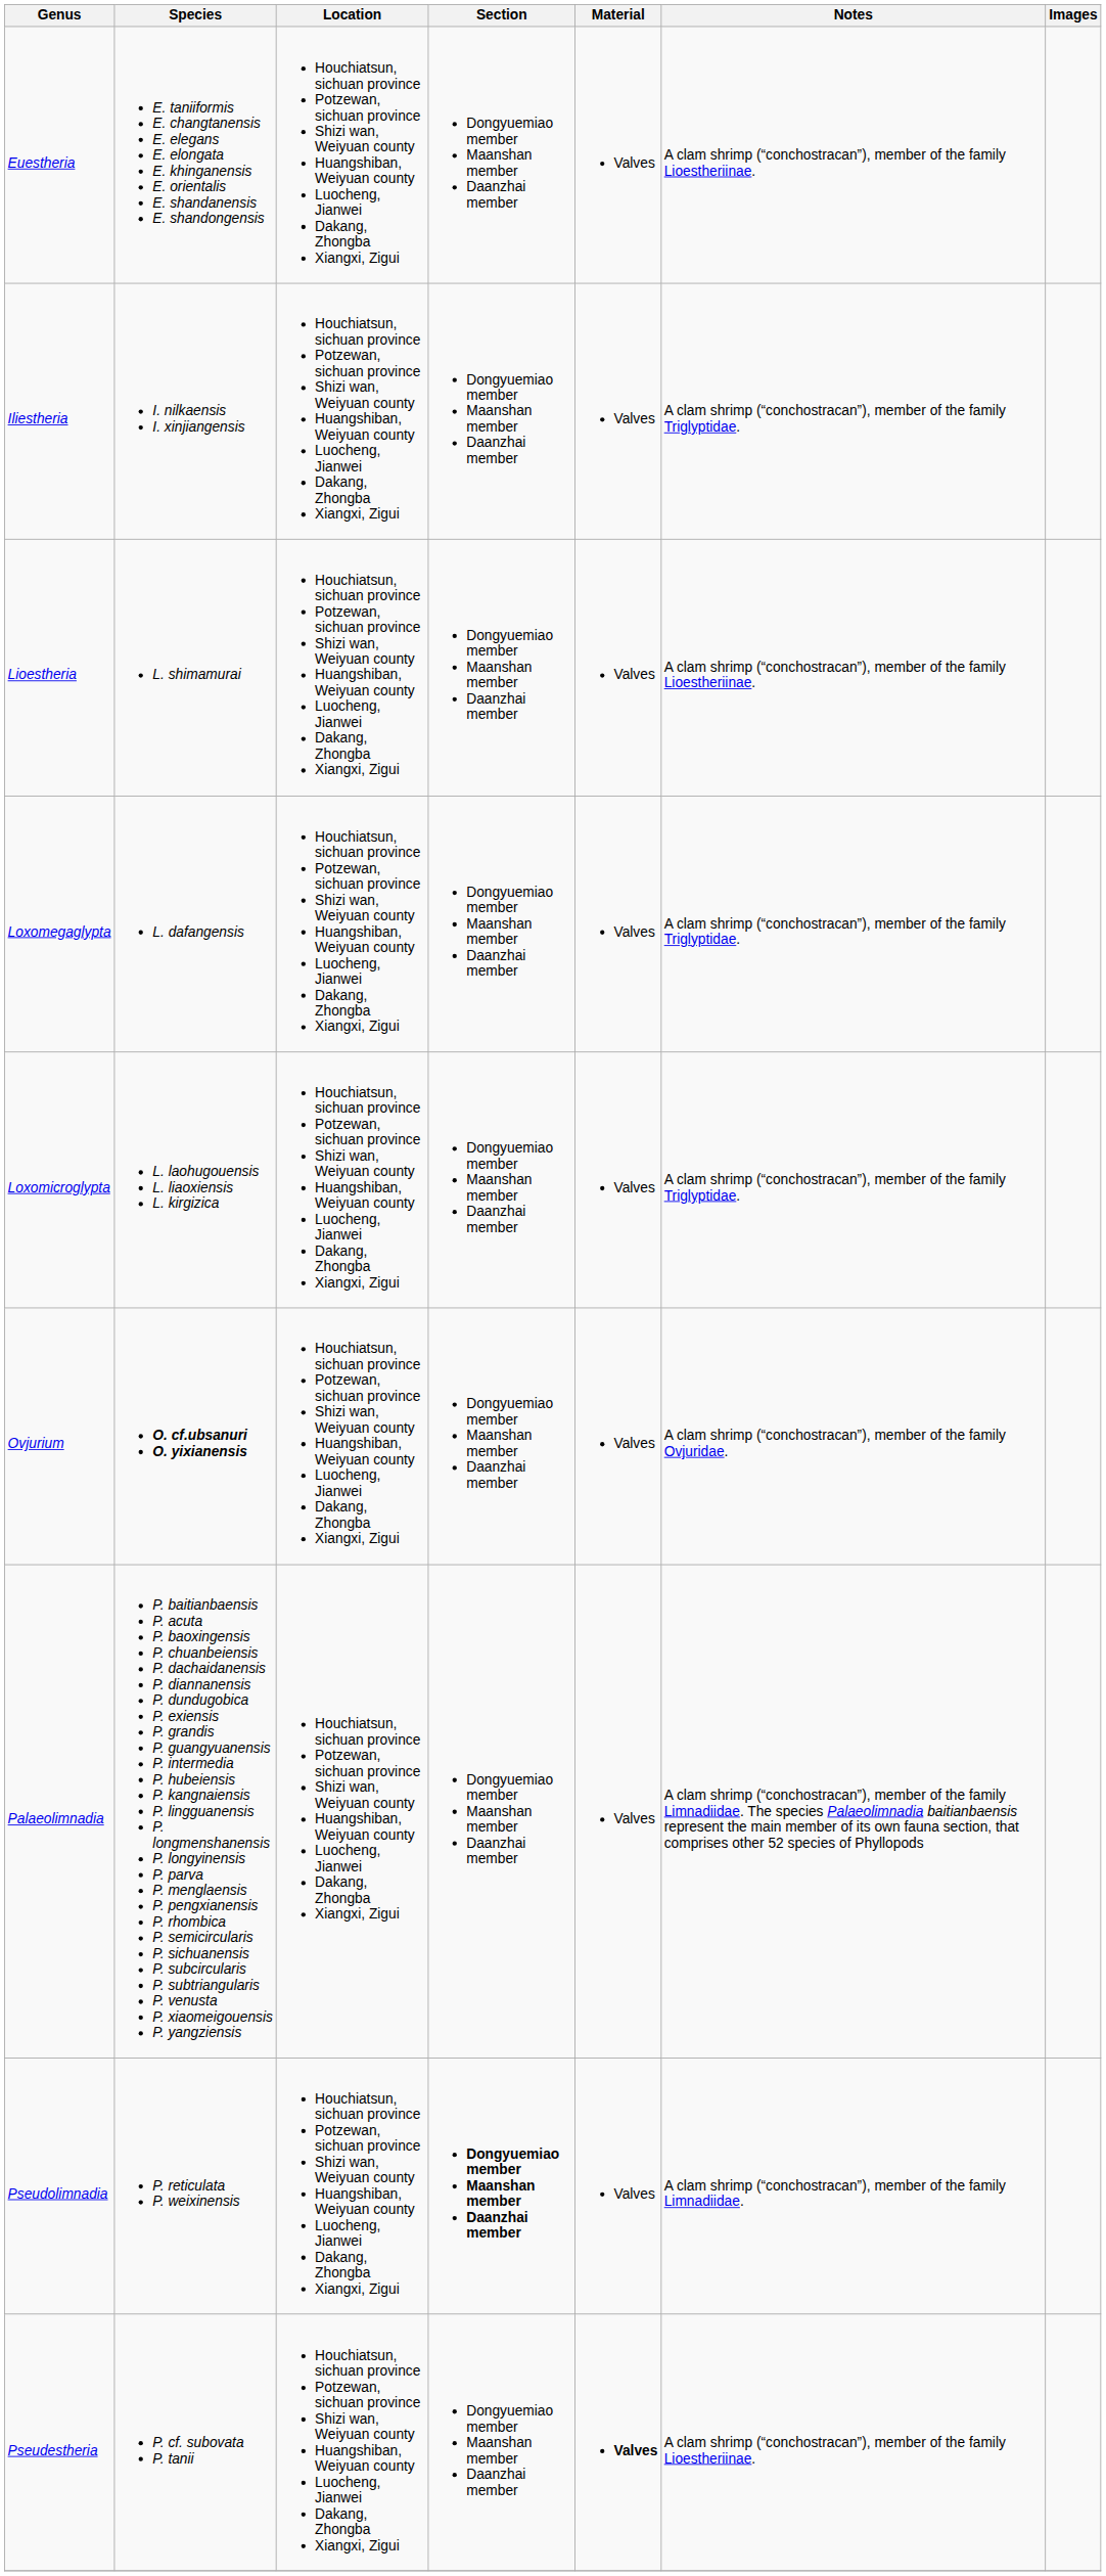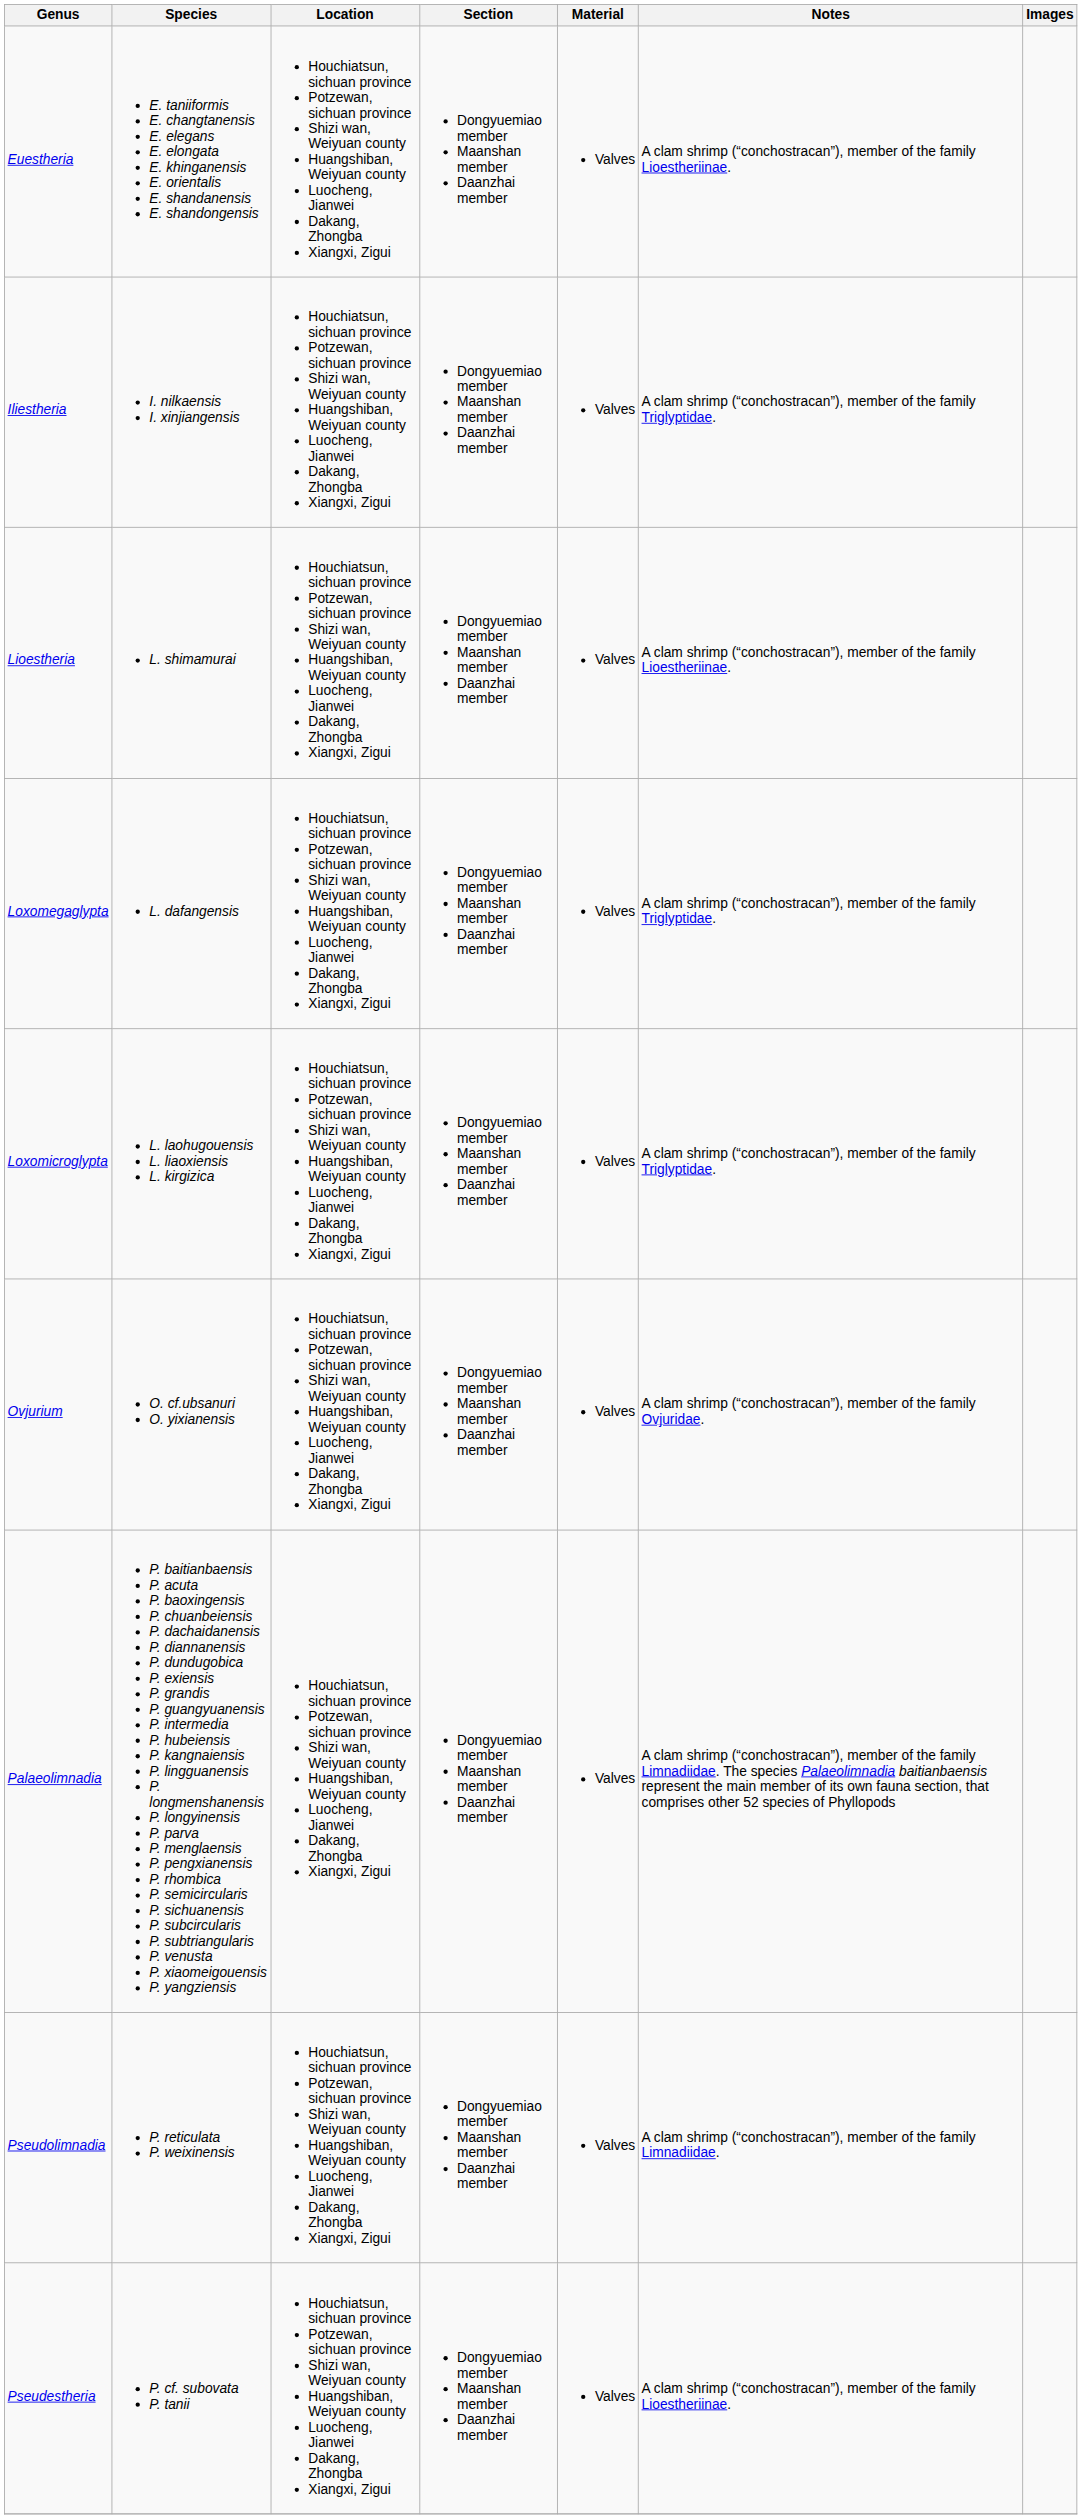 <table class="wikitable" align="center">
 <tr>
 <th>Genus</th>
 <th>Species</th>
 <th>Location</th>
 <th>Section</th>
 <th>Material</th>
 <th>Notes</th>
 <th>Images</th>
 </tr>
 <tr>
 <td><br><em><a href='#'>Euestheria</a></em></td>
 <td><br><ul><li><em>E. taniiformis</em></li><li><em>E. changtanensis</em></li><li><em>E. elegans</em></li><li><em>E. elongata</em></li><li><em>E. khinganensis</em></li><li><em>E. orientalis</em></li><li><em>E. shandanensis</em></li><li><em>E. shandongensis</em></li></ul></td>
 <td><br><ul><li>Houchiatsun, sichuan province</li><li>Potzewan, sichuan province</li><li>Shizi wan, Weiyuan county</li><li>Huangshiban, Weiyuan county</li><li>Luocheng, Jianwei</li><li>Dakang, Zhongba</li><li>Xiangxi, Zigui</li></ul></td>
 <td><br><ul><li>Dongyuemiao member</li><li>Maanshan member</li><li>Daanzhai member</li></ul></td>
 <td><br><ul><li>Valves</li></ul></td>
 <td><br>A clam shrimp (“conchostracan”), member of the family <a href='#'>Lioestheriinae</a>.</td>
 <td></td>
 </tr>
 <tr>
 <td><br><em><a href='#'>Iliestheria</a></em></td>
 <td><br><ul><li><em>I. nilkaensis</em></li><li><em>I. xinjiangensis</em></li></ul></td>
 <td><br><ul><li>Houchiatsun, sichuan province</li><li>Potzewan, sichuan province</li><li>Shizi wan, Weiyuan county</li><li>Huangshiban, Weiyuan county</li><li>Luocheng, Jianwei</li><li>Dakang, Zhongba</li><li>Xiangxi, Zigui</li></ul></td>
 <td><br><ul><li>Dongyuemiao member</li><li>Maanshan member</li><li>Daanzhai member</li></ul></td>
 <td><br><ul><li>Valves</li></ul></td>
 <td><br>A clam shrimp (“conchostracan”), member of the family <a href='#'>Triglyptidae</a>.</td>
 <td></td>
 </tr>
 <tr>
 <td><br><em><a href='#'>Lioestheria</a></em></td>
 <td><br><ul><li><em>L. shimamurai</em></li></ul></td>
 <td><br><ul><li>Houchiatsun, sichuan province</li><li>Potzewan, sichuan province</li><li>Shizi wan, Weiyuan county</li><li>Huangshiban, Weiyuan county</li><li>Luocheng, Jianwei</li><li>Dakang, Zhongba</li><li>Xiangxi, Zigui</li></ul></td>
 <td><br><ul><li>Dongyuemiao member</li><li>Maanshan member</li><li>Daanzhai member</li></ul></td>
 <td><br><ul><li>Valves</li></ul></td>
 <td><br>A clam shrimp (“conchostracan”), member of the family <a href='#'>Lioestheriinae</a>.</td>
 <td></td>
 </tr>
 <tr>
 <td><br><em><a href='#'>Loxomegaglypta</a></em></td>
 <td><br><ul><li><em>L. dafangensis</em></li></ul></td>
 <td><br><ul><li>Houchiatsun, sichuan province</li><li>Potzewan, sichuan province</li><li>Shizi wan, Weiyuan county</li><li>Huangshiban, Weiyuan county</li><li>Luocheng, Jianwei</li><li>Dakang, Zhongba</li><li>Xiangxi, Zigui</li></ul></td>
 <td><br><ul><li>Dongyuemiao member</li><li>Maanshan member</li><li>Daanzhai member</li></ul></td>
 <td><br><ul><li>Valves</li></ul></td>
 <td><br>A clam shrimp (“conchostracan”), member of the family <a href='#'>Triglyptidae</a>.</td>
 <td></td>
 </tr>
 <tr>
 <td><br><em><a href='#'>Loxomicroglypta</a></em></td>
 <td><br><ul><li><em>L. laohugouensis</em></li><li><em>L. liaoxiensis</em></li><li><em>L. kirgizica</em></li></ul></td>
 <td><br><ul><li>Houchiatsun, sichuan province</li><li>Potzewan, sichuan province</li><li>Shizi wan, Weiyuan county</li><li>Huangshiban, Weiyuan county</li><li>Luocheng, Jianwei</li><li>Dakang, Zhongba</li><li>Xiangxi, Zigui</li></ul></td>
 <td><br><ul><li>Dongyuemiao member</li><li>Maanshan member</li><li>Daanzhai member</li></ul></td>
 <td><br><ul><li>Valves</li></ul></td>
 <td><br>A clam shrimp (“conchostracan”), member of the family <a href='#'>Triglyptidae</a>.</td>
 <td></td>
 </tr>
 <tr>
 <td><br><em><a href='#'>Ovjurium</a></em></td>
-<td><strong><br><ul><li><em>O. cf.ubsanuri</em></li><li><em>O. yixianensis</em></li></ul></strong></td>
+<td><br><ul><li><em>O. cf.ubsanuri</em></li><li><em>O. yixianensis</em></li></ul></td>
 <td><br><ul><li>Houchiatsun, sichuan province</li><li>Potzewan, sichuan province</li><li>Shizi wan, Weiyuan county</li><li>Huangshiban, Weiyuan county</li><li>Luocheng, Jianwei</li><li>Dakang, Zhongba</li><li>Xiangxi, Zigui</li></ul></td>
 <td><br><ul><li>Dongyuemiao member</li><li>Maanshan member</li><li>Daanzhai member</li></ul></td>
 <td><br><ul><li>Valves</li></ul></td>
 <td><br>A clam shrimp (“conchostracan”), member of the family <a href='#'>Ovjuridae</a>.</td>
 <td></td>
 </tr>
 <tr>
 <td><br><em><a href='#'>Palaeolimnadia</a></em></td>
 <td><br><ul><li><em>P. baitianbaensis</em></li><li><em>P. acuta</em></li><li><em>P. baoxingensis</em></li><li><em>P. chuanbeiensis</em></li><li><em>P. dachaidanensis</em></li><li><em>P. diannanensis</em></li><li><em>P. dundugobica</em></li><li><em>P. exiensis</em></li><li><em>P. grandis</em></li><li><em>P. guangyuanensis</em></li><li><em>P. intermedia</em></li><li><em>P. hubeiensis</em></li><li><em>P. kangnaiensis</em></li><li><em>P. lingguanensis</em></li><li><em>P. longmenshanensis</em></li><li><em>P. longyinensis</em></li><li><em>P. parva</em></li><li><em>P. menglaensis</em></li><li><em>P. pengxianensis</em></li><li><em>P. rhombica</em></li><li><em>P. semicircularis</em></li><li><em>P. sichuanensis</em></li><li><em>P. subcircularis</em></li><li><em>P. subtriangularis</em></li><li><em>P. venusta</em></li><li><em>P. xiaomeigouensis</em></li><li><em>P. yangziensis</em></li></ul></td>
 <td><br><ul><li>Houchiatsun, sichuan province</li><li>Potzewan, sichuan province</li><li>Shizi wan, Weiyuan county</li><li>Huangshiban, Weiyuan county</li><li>Luocheng, Jianwei</li><li>Dakang, Zhongba</li><li>Xiangxi, Zigui</li></ul></td>
 <td><br><ul><li>Dongyuemiao member</li><li>Maanshan member</li><li>Daanzhai member</li></ul></td>
 <td><br><ul><li>Valves</li></ul></td>
 <td><br>A clam shrimp (“conchostracan”), member of the family <a href='#'>Limnadiidae</a>. The species <em><a href='#'>Palaeolimnadia</a> baitianbaensis</em> represent the main member of its own fauna section, that comprises other 52 species of Phyllopods</td>
 <td></td>
 </tr>
 <tr>
 <td><br><em><a href='#'>Pseudolimnadia</a></em></td>
 <td><br><ul><li><em>P. reticulata</em></li><li><em>P. weixinensis</em></li></ul></td>
 <td><br><ul><li>Houchiatsun, sichuan province</li><li>Potzewan, sichuan province</li><li>Shizi wan, Weiyuan county</li><li>Huangshiban, Weiyuan county</li><li>Luocheng, Jianwei</li><li>Dakang, Zhongba</li><li>Xiangxi, Zigui</li></ul></td>
-<td><strong><br><ul><li>Dongyuemiao member</li><li>Maanshan member</li><li>Daanzhai member</li></ul></strong></td>
+<td><br><ul><li>Dongyuemiao member</li><li>Maanshan member</li><li>Daanzhai member</li></ul></td>
 <td><br><ul><li>Valves</li></ul></td>
 <td><br>A clam shrimp (“conchostracan”), member of the family <a href='#'>Limnadiidae</a>.</td>
 <td></td>
 </tr>
 <tr>
 <td><br><em><a href='#'>Pseudestheria</a></em></td>
 <td><br><ul><li><em>P. cf. subovata</em></li><li><em>P. tanii</em></li></ul></td>
 <td><br><ul><li>Houchiatsun, sichuan province</li><li>Potzewan, sichuan province</li><li>Shizi wan, Weiyuan county</li><li>Huangshiban, Weiyuan county</li><li>Luocheng, Jianwei</li><li>Dakang, Zhongba</li><li>Xiangxi, Zigui</li></ul></td>
 <td><br><ul><li>Dongyuemiao member</li><li>Maanshan member</li><li>Daanzhai member</li></ul></td>
-<td><strong><br><ul><li>Valves</li></ul></strong></td>
+<td><br><ul><li>Valves</li></ul></td>
 <td><br>A clam shrimp (“conchostracan”), member of the family <a href='#'>Lioestheriinae</a>.</td>
 <td></td>
 </tr>
 <tr>
 </tr>
 </table>
